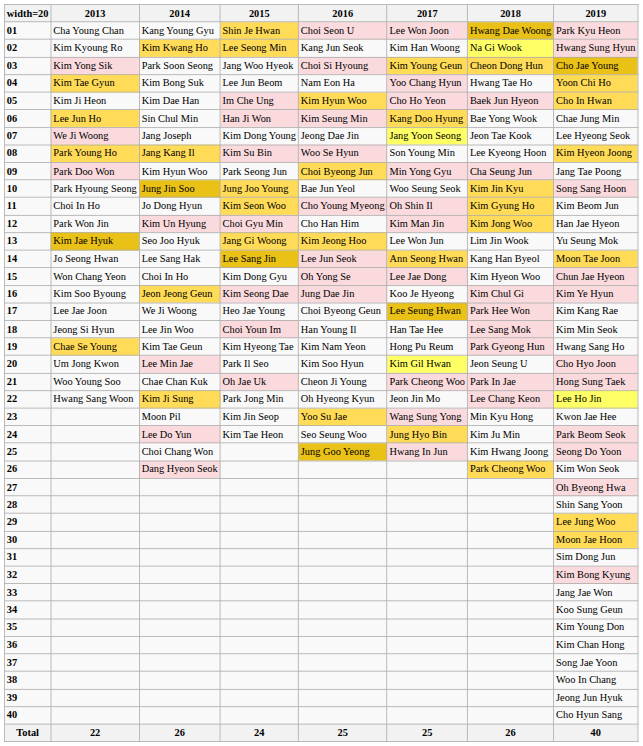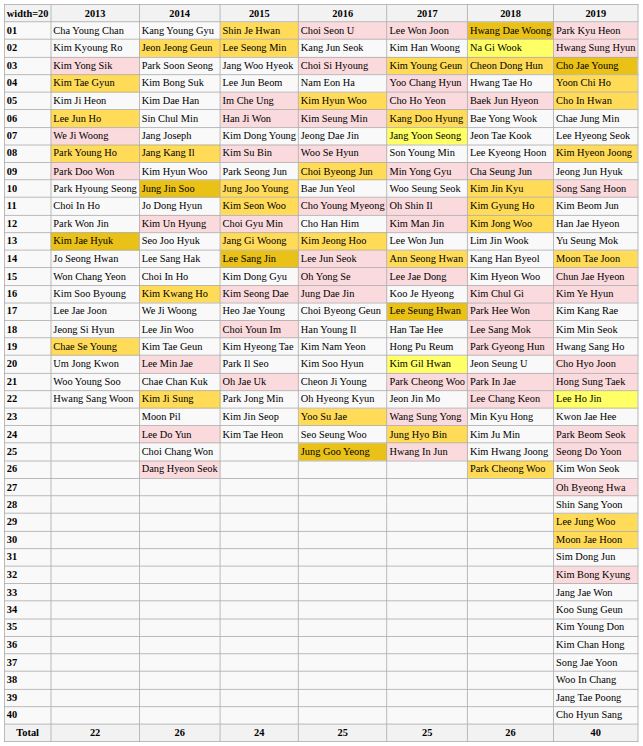 <table class="wikitable" style="font-size: 82%";>
 <tr>
 <th>width=20 </th>
 <th>2013</th>
 <th>2014</th>
 <th>2015</th>
 <th>2016</th>
 <th>2017</th>
 <th>2018</th>
 <th>2019</th>
 </tr>
 <tr>
 <td><strong>01</strong></td>
 <td>Cha Young Chan</td>
 <td>Kang Young Gyu</td>
 <td bgcolor=#FFDB58>Shin Je Hwan</td>
 <td bgcolor=#FADADD>Choi Seon U</td>
 <td bgcolor=#FADADD>Lee Won Joon</td>
 <td bgcolor=#EAC117>Hwang Dae Woong</td>
 <td bgcolor=#FADADD>Park Kyu Heon</td>
 </tr>
 <tr>
 <td><strong>02</strong></td>
 <td>Kim Kyoung Ro</td>
-<td bgcolor=#FFDB58>Kim Kwang Ho</td>
+<td bgcolor=#FFDB58>Jeon Jeong Geun</td>
 <td bgcolor=#FFDB58>Lee Seong Min</td>
 <td>Kang Jun Seok</td>
 <td>Kim Han Woong</td>
 <td bgcolor=#FFFF66>Na Gi Wook</td>
 <td bgcolor=#FADADD>Hwang Sung Hyun</td>
 </tr>
 <tr>
 <td><strong>03</strong></td>
 <td bgcolor=#FADADD>Kim Yong Sik</td>
 <td>Park Soon Seong</td>
 <td>Jang Woo Hyeok</td>
 <td bgcolor=#FADADD>Choi Si Hyoung</td>
 <td bgcolor=#FFDB58>Kim Young Geun</td>
 <td bgcolor=#FFDB58>Cheon Dong Hun</td>
 <td bgcolor=#EAC117>Cho Jae Young</td>
 </tr>
 <tr>
 <td><strong>04</strong></td>
 <td bgcolor=#FFDB58>Kim Tae Gyun</td>
 <td>Kim Bong Suk</td>
 <td>Lee Jun Beom</td>
 <td>Nam Eon Ha</td>
 <td bgcolor=#FADADD>Yoo Chang Hyun</td>
 <td>Hwang Tae Ho</td>
 <td bgcolor=#FFDB58>Yoon Chi Ho</td>
 </tr>
 <tr>
 <td><strong>05</strong></td>
 <td>Kim Ji Heon</td>
 <td>Kim Dae Han</td>
 <td bgcolor=#FADADD>Im Che Ung</td>
 <td bgcolor=#FFDB58>Kim Hyun Woo</td>
 <td bgcolor=#FADADD>Cho Ho Yeon</td>
 <td bgcolor=#FADADD>Baek Jun Hyeon</td>
 <td bgcolor=#FFDB58>Cho In Hwan</td>
 </tr>
 <tr>
 <td><strong>06</strong></td>
 <td bgcolor=#FFDB58>Lee Jun Ho</td>
 <td>Sin Chul Min</td>
 <td bgcolor=#FADADD>Han Ji Won</td>
 <td bgcolor=#FADADD>Kim Seung Min</td>
 <td bgcolor=#FFDB58>Kang Doo Hyung</td>
 <td>Bae Yong Wook</td>
 <td>Chae Jung Min</td>
 </tr>
 <tr>
 <td><strong>07</strong></td>
 <td bgcolor=#FADADD>We Ji Woong</td>
 <td>Jang Joseph</td>
 <td>Kim Dong Young</td>
 <td>Jeong  Dae Jin</td>
 <td bgcolor=#FFFF66>Jang Yoon Seong</td>
 <td>Jeon Tae Kook</td>
 <td>Lee Hyeong Seok</td>
 </tr>
 <tr>
 <td><strong>08</strong></td>
 <td bgcolor=#FFDB58>Park Young Ho</td>
 <td bgcolor=#FFDB58>Jang Kang Il</td>
 <td bgcolor=#FADADD>Kim Su Bin</td>
 <td bgcolor=#FADADD>Woo Se Hyun</td>
 <td>Son Young Min</td>
 <td>Lee Kyeong Hoon</td>
 <td bgcolor=#FFDB58>Kim Hyeon Joong</td>
 </tr>
 <tr>
 <td><strong>09</strong></td>
 <td bgcolor=#FADADD>Park Doo Won</td>
 <td>Kim Hyun Woo</td>
 <td>Park Seong Jun</td>
 <td bgcolor=#FFDB58>Choi Byeong Jun</td>
 <td bgcolor=#FADADD>Min Yong Gyu</td>
 <td bgcolor=#FADADD>Cha Seung Jun</td>
-<td>Jang Tae Poong</td>
+<td>Jeong Jun Hyuk</td>
 </tr>
 <tr>
 <td><strong>10</strong></td>
 <td>Park Hyoung Seong</td>
 <td bgcolor=#EAC117>Jung Jin Soo</td>
 <td bgcolor=#FFDB58>Jung Joo Young</td>
 <td>Bae Jun Yeol</td>
 <td>Woo Seung Seok</td>
 <td bgcolor=#FFDB58>Kim Jin Kyu</td>
 <td bgcolor=#FADADD>Song Sang Hoon</td>
 </tr>
 <tr>
 <td><strong>11</strong></td>
 <td>Choi In Ho</td>
 <td>Jo Dong Hyun</td>
 <td bgcolor=#FFDB58>Kim Seon Woo</td>
 <td bgcolor=#FADADD>Cho Young Myeong</td>
 <td bgcolor=#FADADD>Oh Shin Il</td>
 <td bgcolor=#FFDB58>Kim Gyung Ho</td>
 <td>Kim Beom Jun</td>
 </tr>
 <tr>
 <td><strong>12</strong></td>
 <td>Park Won Jin</td>
 <td bgcolor=#FADADD>Kim Un Hyung</td>
 <td bgcolor=#FADADD>Choi Gyu Min</td>
 <td>Cho Han Him</td>
 <td bgcolor=#FADADD>Kim Man Jin</td>
 <td bgcolor=#FFDB58>Kim Jong Woo</td>
 <td>Han Jae Hyeon</td>
 </tr>
 <tr>
 <td><strong>13</strong></td>
 <td bgcolor=#EAC117>Kim Jae Hyuk</td>
 <td>Seo Joo Hyuk</td>
 <td bgcolor=#FFDB58>Jang Gi Woong</td>
 <td bgcolor=#FFDB58>Kim Jeong Hoo</td>
 <td>Lee Won Jun</td>
 <td>Lim Jin Wook</td>
 <td>Yu Seung Mok</td>
 </tr>
 <tr>
 <td><strong>14</strong></td>
 <td>Jo Seong Hwan</td>
 <td>Lee Sang Hak</td>
 <td bgcolor=#EAC117>Lee Sang Jin</td>
 <td bgcolor=#FADADD>Lee Jun Seok</td>
 <td bgcolor=#FFDB58>Ann Seong Hwan</td>
 <td>Kang Han Byeol</td>
 <td bgcolor=#FFDB58>Moon Tae Joon</td>
 </tr>
 <tr>
 <td><strong>15</strong></td>
 <td>Won Chang Yeon</td>
 <td>Choi In Ho</td>
 <td>Kim Dong Gyu</td>
 <td bgcolor=#FADADD>Oh Yong Se</td>
 <td bgcolor=#FADADD>Lee Jae Dong</td>
 <td>Kim Hyeon Woo</td>
 <td bgcolor=#FADADD>Chun Jae Hyeon</td>
 </tr>
 <tr>
 <td><strong>16</strong></td>
 <td>Kim Soo Byoung</td>
-<td bgcolor=#FFDB58>Jeon Jeong Geun</td>
+<td bgcolor=#FFDB58>Kim Kwang Ho</td>
 <td bgcolor=#FADADD>Kim Seong Dae</td>
 <td bgcolor=#FADADD>Jung Dae Jin</td>
 <td>Koo Je Hyeong</td>
 <td bgcolor=#FADADD>Kim Chul Gi</td>
 <td bgcolor=#FADADD>Kim Ye Hyun</td>
 </tr>
 <tr>
 <td><strong>17</strong></td>
 <td>Lee Jae Joon</td>
 <td>We Ji Woong</td>
 <td>Heo Jae Young</td>
 <td>Choi Byeong Geun</td>
 <td bgcolor=#EAC117>Lee Seung Hwan</td>
 <td bgcolor=#FADADD>Park Hee Won</td>
 <td>Kim Kang Rae</td>
 </tr>
 <tr>
 <td><strong>18</strong></td>
 <td>Jeong Si Hyun</td>
 <td>Lee Jin Woo</td>
 <td bgcolor=#FADADD>Choi Youn Im</td>
 <td>Han Young Il</td>
 <td>Han Tae Hee</td>
 <td bgcolor=#FADADD>Lee Sang Mok</td>
 <td>Kim Min Seok</td>
 </tr>
 <tr>
 <td><strong>19</strong></td>
 <td bgcolor=#FFDB58>Chae Se Young</td>
 <td>Kim Tae Geun</td>
 <td>Kim Hyeong Tae</td>
 <td>Kim Nam Yeon</td>
 <td>Hong Pu Reum</td>
 <td bgcolor=#FADADD>Park Gyeong Hun</td>
 <td>Hwang Sang Ho</td>
 </tr>
 <tr>
 <td><strong>20</strong></td>
 <td>Um Jong Kwon</td>
 <td bgcolor=#FADADD>Lee Min Jae</td>
 <td>Park Il Seo</td>
 <td>Kim Soo Hyun</td>
 <td bgcolor=#FFFF66>Kim Gil Hwan</td>
 <td>Jeon Seung U</td>
 <td bgcolor=#FADADD>Cho Hyo Joon</td>
 </tr>
 <tr>
 <td><strong>21</strong></td>
 <td>Woo Young Soo</td>
 <td>Chae Chan Kuk</td>
 <td bgcolor=#FADADD>Oh Jae Uk</td>
 <td>Cheon Ji Young</td>
 <td bgcolor=#FADADD>Park Cheong Woo</td>
 <td bgcolor=#FADADD>Park In Jae</td>
 <td bgcolor=#FADADD>Hong Sung Taek</td>
 </tr>
 <tr>
 <td><strong>22</strong></td>
 <td>Hwang Sang Woon</td>
 <td bgcolor=#FFDB58>Kim Ji Sung</td>
 <td>Park Jong Min</td>
 <td>Oh Hyeong Kyun</td>
 <td>Jeon Jin Mo</td>
 <td bgcolor=#FADADD>Lee Chang Keon</td>
 <td bgcolor=#FFFF66>Lee Ho Jin</td>
 </tr>
 <tr>
 <td><strong>23</strong></td>
 <td></td>
 <td>Moon Pil</td>
 <td>Kim Jin Seop</td>
 <td bgcolor=#FFDB58>Yoo Su Jae</td>
 <td bgcolor=#FADADD>Wang Sung Yong</td>
 <td>Min Kyu Hong</td>
 <td>Kwon Jae Hee</td>
 </tr>
 <tr>
 <td><strong>24</strong></td>
 <td></td>
 <td bgcolor=#FADADD>Lee Do Yun</td>
 <td>Kim Tae Heon</td>
 <td>Seo Seung Woo</td>
 <td bgcolor=#FFDB58>Jung Hyo Bin</td>
 <td>Kim Ju Min</td>
 <td bgcolor=#FADADD>Park Beom Seok</td>
 </tr>
 <tr>
 <td><strong>25</strong></td>
 <td></td>
 <td>Choi Chang Won</td>
 <td></td>
 <td bgcolor=#EAC117>Jung Goo Yeong</td>
 <td bgcolor=#FADADD>Hwang In Jun</td>
 <td>Kim Hwang Joong</td>
 <td bgcolor=#FADADD>Seong Do Yoon</td>
 </tr>
 <tr>
 <td><strong>26</strong></td>
 <td></td>
 <td bgcolor=#FADADD>Dang Hyeon Seok</td>
 <td></td>
 <td></td>
 <td></td>
 <td bgcolor=#FFDB58>Park Cheong Woo</td>
 <td>Kim Won Seok</td>
 </tr>
 <tr>
 <td><strong>27</strong></td>
 <td></td>
 <td></td>
 <td></td>
 <td></td>
 <td></td>
 <td></td>
 <td bgcolor=#FADADD>Oh Byeong Hwa</td>
 </tr>
 <tr>
 <td><strong>28</strong></td>
 <td></td>
 <td></td>
 <td></td>
 <td></td>
 <td></td>
 <td></td>
 <td>Shin Sang Yoon</td>
 </tr>
 <tr>
 <td><strong>29</strong></td>
 <td></td>
 <td></td>
 <td></td>
 <td></td>
 <td></td>
 <td></td>
 <td bgcolor=#FFDB58>Lee Jung Woo</td>
 </tr>
 <tr>
 <td><strong>30</strong></td>
 <td></td>
 <td></td>
 <td></td>
 <td></td>
 <td></td>
 <td></td>
 <td bgcolor=#FFDB58>Moon Jae Hoon</td>
 </tr>
 <tr>
 <td><strong>31</strong></td>
 <td></td>
 <td></td>
 <td></td>
 <td></td>
 <td></td>
 <td></td>
 <td>Sim Dong Jun</td>
 </tr>
 <tr>
 <td><strong>32</strong></td>
 <td></td>
 <td></td>
 <td></td>
 <td></td>
 <td></td>
 <td></td>
 <td bgcolor=#FADADD>Kim Bong Kyung</td>
 </tr>
 <tr>
 <td><strong>33</strong></td>
 <td></td>
 <td></td>
 <td></td>
 <td></td>
 <td></td>
 <td></td>
 <td>Jang Jae Won</td>
 </tr>
 <tr>
 <td><strong>34</strong></td>
 <td></td>
 <td></td>
 <td></td>
 <td></td>
 <td></td>
 <td></td>
 <td>Koo Sung Geun</td>
 </tr>
 <tr>
 <td><strong>35</strong></td>
 <td></td>
 <td></td>
 <td></td>
 <td></td>
 <td></td>
 <td></td>
 <td>Kim Young Don</td>
 </tr>
 <tr>
 <td><strong>36</strong></td>
 <td></td>
 <td></td>
 <td></td>
 <td></td>
 <td></td>
 <td></td>
 <td>Kim Chan Hong</td>
 </tr>
 <tr>
 <td><strong>37</strong></td>
 <td></td>
 <td></td>
 <td></td>
 <td></td>
 <td></td>
 <td></td>
 <td>Song Jae Yoon</td>
 </tr>
 <tr>
 <td><strong>38</strong></td>
 <td></td>
 <td></td>
 <td></td>
 <td></td>
 <td></td>
 <td></td>
 <td>Woo In Chang</td>
 </tr>
 <tr>
 <td><strong>39</strong></td>
 <td></td>
 <td></td>
 <td></td>
 <td></td>
 <td></td>
 <td></td>
-<td>Jeong Jun Hyuk</td>
+<td>Jang Tae Poong</td>
 </tr>
 <tr>
 <td><strong>40</strong></td>
 <td></td>
 <td></td>
 <td></td>
 <td></td>
 <td></td>
 <td></td>
 <td>Cho Hyun Sang</td>
 </tr>
 <tr>
 <th>Total</th>
 <th>22</th>
 <th>26</th>
 <th>24</th>
 <th>25</th>
 <th>25</th>
 <th>26</th>
 <th>40</th>
 </tr>
 </table>
